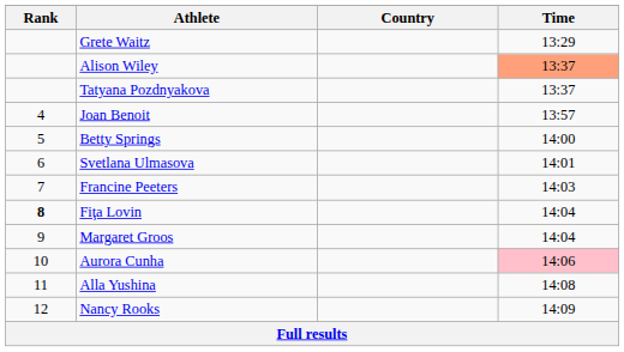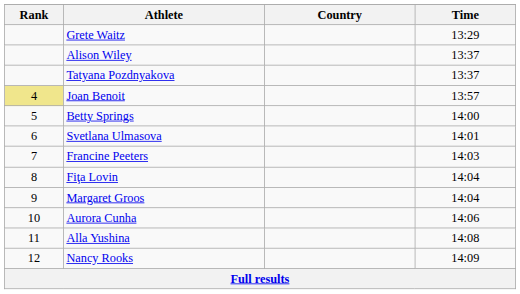 <table class="wikitable sortable" style=" text-align:center; font-size:95%;" width="50%">
 <tr>
 </tr>
 <tr>
 <th width=5%>Rank</th>
 <th width=20%>Athlete</th>
 <th width=15%>Country</th>
 <th width=10%>Time</th>
 </tr>
 <tr>
 <td align=center></td>
 <td align=left><a href='#'>Grete Waitz</a></td>
 <td align=left></td>
 <td>13:29</td>
 </tr>
 <tr>
 <td align=center></td>
 <td align=left><a href='#'>Alison Wiley</a></td>
 <td align=left></td>
-<td style="background: lightsalmon;">13:37</td>
+<td>13:37</td>
 </tr>
 <tr>
 <td align=center></td>
 <td align=left><a href='#'>Tatyana Pozdnyakova</a></td>
 <td align=left></td>
 <td>13:37</td>
 </tr>
 <tr>
-<td align=center>4</td>
+<td align=center style="background: khaki;">4</td>
 <td align=left><a href='#'>Joan Benoit</a></td>
 <td align=left></td>
 <td>13:57</td>
 </tr>
 <tr>
 <td align=center>5</td>
 <td align=left><a href='#'>Betty Springs</a></td>
 <td align=left></td>
 <td>14:00</td>
 </tr>
 <tr>
 <td align=center>6</td>
 <td align=left><a href='#'>Svetlana Ulmasova</a></td>
 <td align=left></td>
 <td>14:01</td>
 </tr>
 <tr>
 <td align=center>7</td>
 <td align=left><a href='#'>Francine Peeters</a></td>
 <td align=left></td>
 <td>14:03</td>
 </tr>
 <tr>
-<td align=center><strong>8</strong></td>
+<td align=center>8</td>
 <td align=left><a href='#'>Fiţa Lovin</a></td>
 <td align=left></td>
 <td>14:04</td>
 </tr>
 <tr>
 <td align=center>9</td>
 <td align=left><a href='#'>Margaret Groos</a></td>
 <td align=left></td>
 <td>14:04</td>
 </tr>
 <tr>
 <td align=center>10</td>
 <td align=left><a href='#'>Aurora Cunha</a></td>
 <td align=left></td>
-<td style="background: pink;">14:06</td>
+<td>14:06</td>
 </tr>
 <tr>
 <td align=center>11</td>
 <td align=left><a href='#'>Alla Yushina</a></td>
 <td align=left></td>
 <td>14:08</td>
 </tr>
 <tr>
 <td align=center>12</td>
 <td align=left><a href='#'>Nancy Rooks</a></td>
 <td align=left></td>
 <td>14:09</td>
 </tr>
 <tr class="sortbottom">
 <th colspan=4 align=center><a href='#'>Full results</a></th>
 </tr>
 </table>
